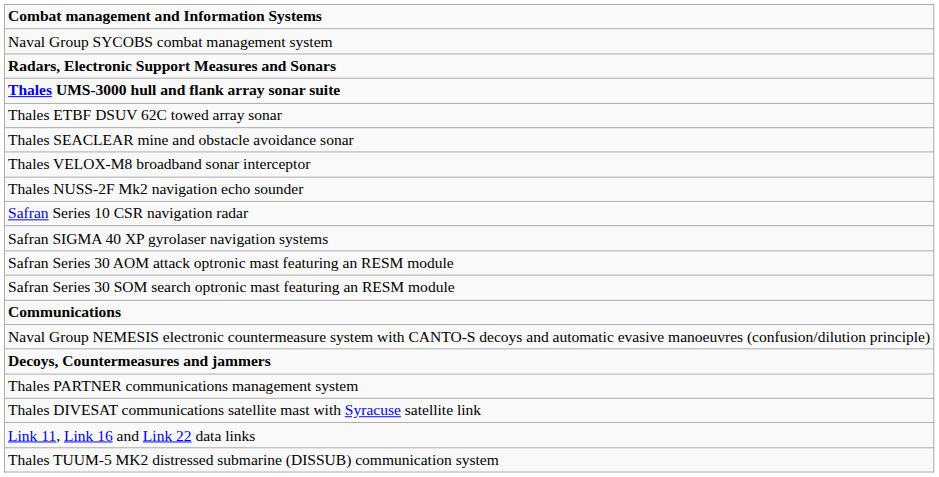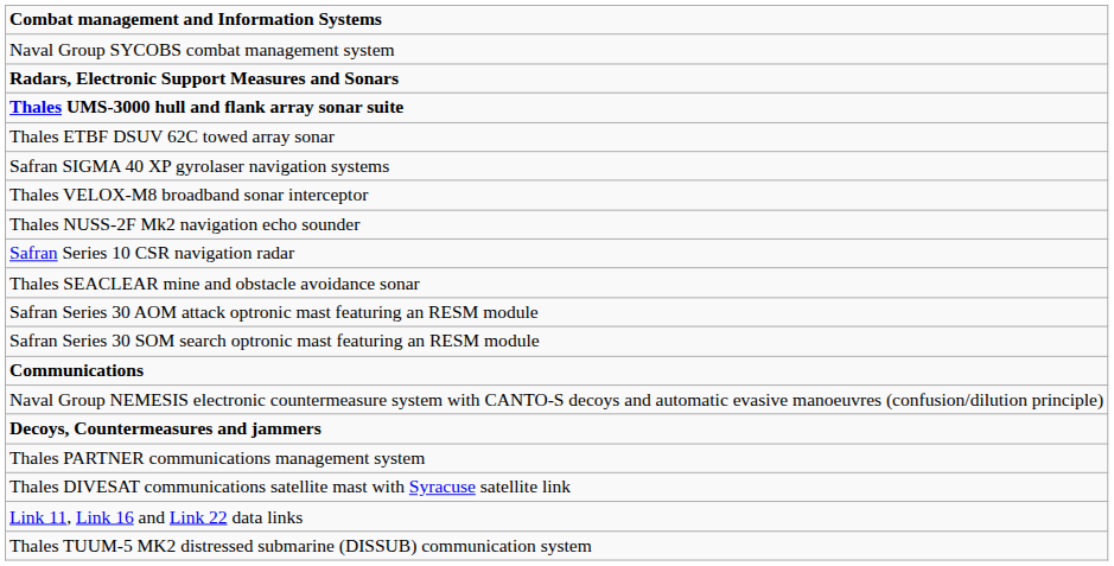 <table class="wikitable">
 <tr>
 <td><strong>Combat management and Information Systems</strong></td>
 </tr>
 <tr>
 <td>Naval Group SYCOBS combat management system</td>
 </tr>
 <tr>
 <td><strong>Radars, Electronic Support Measures and Sonars</strong></td>
 </tr>
 <tr>
 <td><strong><a href='#'>Thales</a> UMS-3000 hull and flank array sonar suite</strong></td>
 </tr>
 <tr>
 <td>Thales ETBF DSUV 62C towed array sonar</td>
 </tr>
 <tr>
-<td>Thales SEACLEAR mine and obstacle avoidance sonar</td>
+<td>Safran SIGMA 40 XP gyrolaser navigation systems</td>
 </tr>
 <tr>
 <td>Thales VELOX-M8 broadband sonar interceptor</td>
 </tr>
 <tr>
 <td>Thales NUSS-2F Mk2 navigation echo sounder</td>
 </tr>
 <tr>
 <td><a href='#'>Safran</a> Series 10 CSR navigation radar</td>
 </tr>
 <tr>
-<td>Safran SIGMA 40 XP gyrolaser navigation systems</td>
+<td>Thales SEACLEAR mine and obstacle avoidance sonar</td>
 </tr>
 <tr>
 <td>Safran Series 30 AOM attack optronic mast featuring an RESM module</td>
 </tr>
 <tr>
 <td>Safran Series 30 SOM search optronic mast featuring an RESM module</td>
 </tr>
 <tr>
 <td><strong>Communications</strong></td>
 </tr>
 <tr>
 <td>Naval Group NEMESIS electronic countermeasure system with CANTO-S decoys and automatic evasive manoeuvres (confusion/dilution principle)</td>
 </tr>
 <tr>
 <td><strong>Decoys, Countermeasures and jammers</strong></td>
 </tr>
 <tr>
 <td>Thales PARTNER communications management system</td>
 </tr>
 <tr>
 <td>Thales DIVESAT communications satellite mast with <a href='#'>Syracuse</a> satellite link</td>
 </tr>
 <tr>
 <td><a href='#'>Link 11</a>, <a href='#'>Link 16</a> and <a href='#'>Link 22</a> data links</td>
 </tr>
 <tr>
 <td>Thales TUUM-5 MK2 distressed submarine (DISSUB) communication system</td>
 </tr>
 </table>
